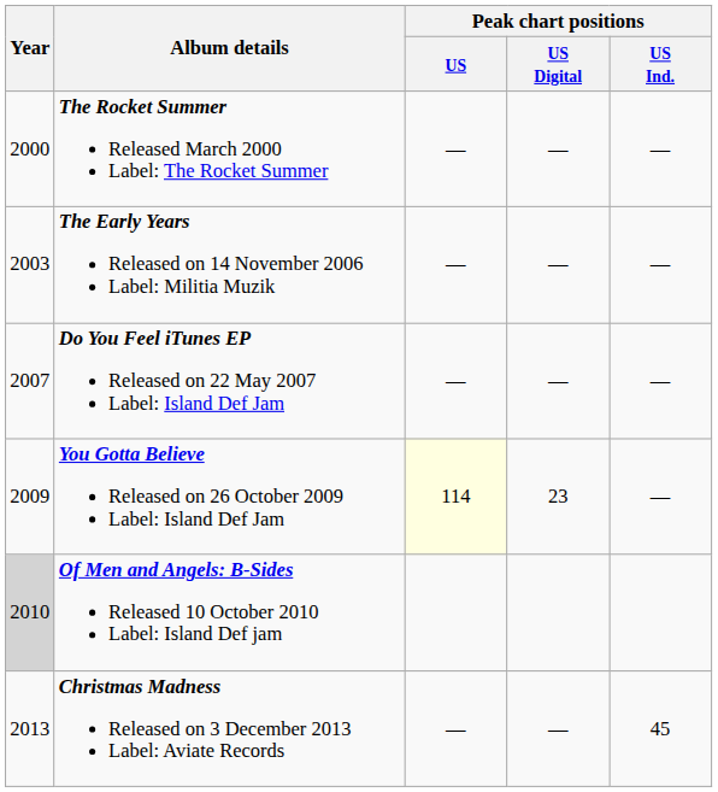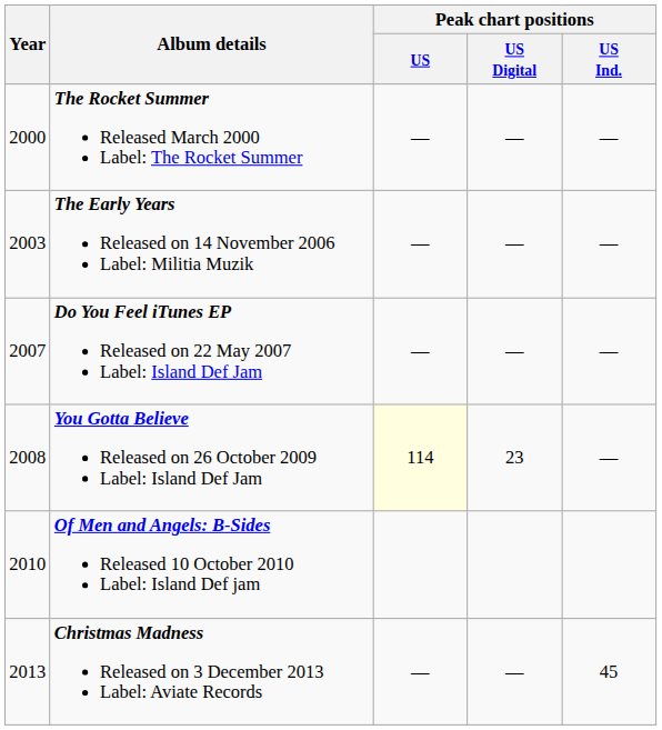 <table class="wikitable">
 <tr>
 <th rowspan="2">Year</th>
 <th width="275px" rowspan="2">Album details</th>
 <th colspan="4">Peak chart positions</th>
 </tr>
 <tr>
 <th width="75px"><small><a href='#'>US</a><br></small></th>
 <th width="75px"><small><a href='#'>US<br>Digital</a></small></th>
 <th width="75px"><small><a href='#'>US<br>Ind.</a></small></th>
 </tr>
 <tr>
 <td>2000</td>
 <td><strong><em>The Rocket Summer</em></strong><br><ul><li>Released March 2000</li><li>Label: <a href='#'>The Rocket Summer</a></li></ul></td>
 <td align="center">—</td>
 <td align="center">—</td>
 <td align="center">—</td>
 </tr>
 <tr>
 <td>2003</td>
 <td><strong><em>The Early Years</em></strong><br><ul><li>Released on 14 November 2006</li><li>Label: Militia Muzik</li></ul></td>
 <td align="center">—</td>
 <td align="center">—</td>
 <td align="center">—</td>
 </tr>
 <tr>
 <td>2007</td>
 <td><strong><em>Do You Feel iTunes EP</em></strong><br><ul><li>Released on 22 May 2007</li><li>Label: <a href='#'>Island Def Jam</a></li></ul></td>
 <td align="center">—</td>
 <td align="center">—</td>
 <td align="center">—</td>
 </tr>
 <tr>
-<td>2009</td>
+<td>2008</td>
 <td><strong><em><a href='#'>You Gotta Believe</a></em></strong><br><ul><li>Released on 26 October 2009</li><li>Label: Island Def Jam</li></ul></td>
 <td align="center" style="background: lightyellow;">114</td>
 <td align="center">23</td>
 <td align="center">—</td>
 </tr>
 <tr>
-<td style="background: lightgrey;">2010</td>
+<td>2010</td>
 <td><strong><em><a href='#'>Of Men and Angels: B-Sides</a></em></strong><br><ul><li>Released 10 October 2010</li><li>Label: Island Def jam</li></ul></td>
 <td></td>
 <td></td>
 <td></td>
 </tr>
 <tr>
 <td>2013</td>
 <td><strong><em>Christmas Madness</em></strong><br><ul><li>Released on 3 December 2013</li><li>Label: Aviate Records</li></ul></td>
 <td align="center">—</td>
 <td align="center">—</td>
 <td align="center">45</td>
 </tr>
 </table>
